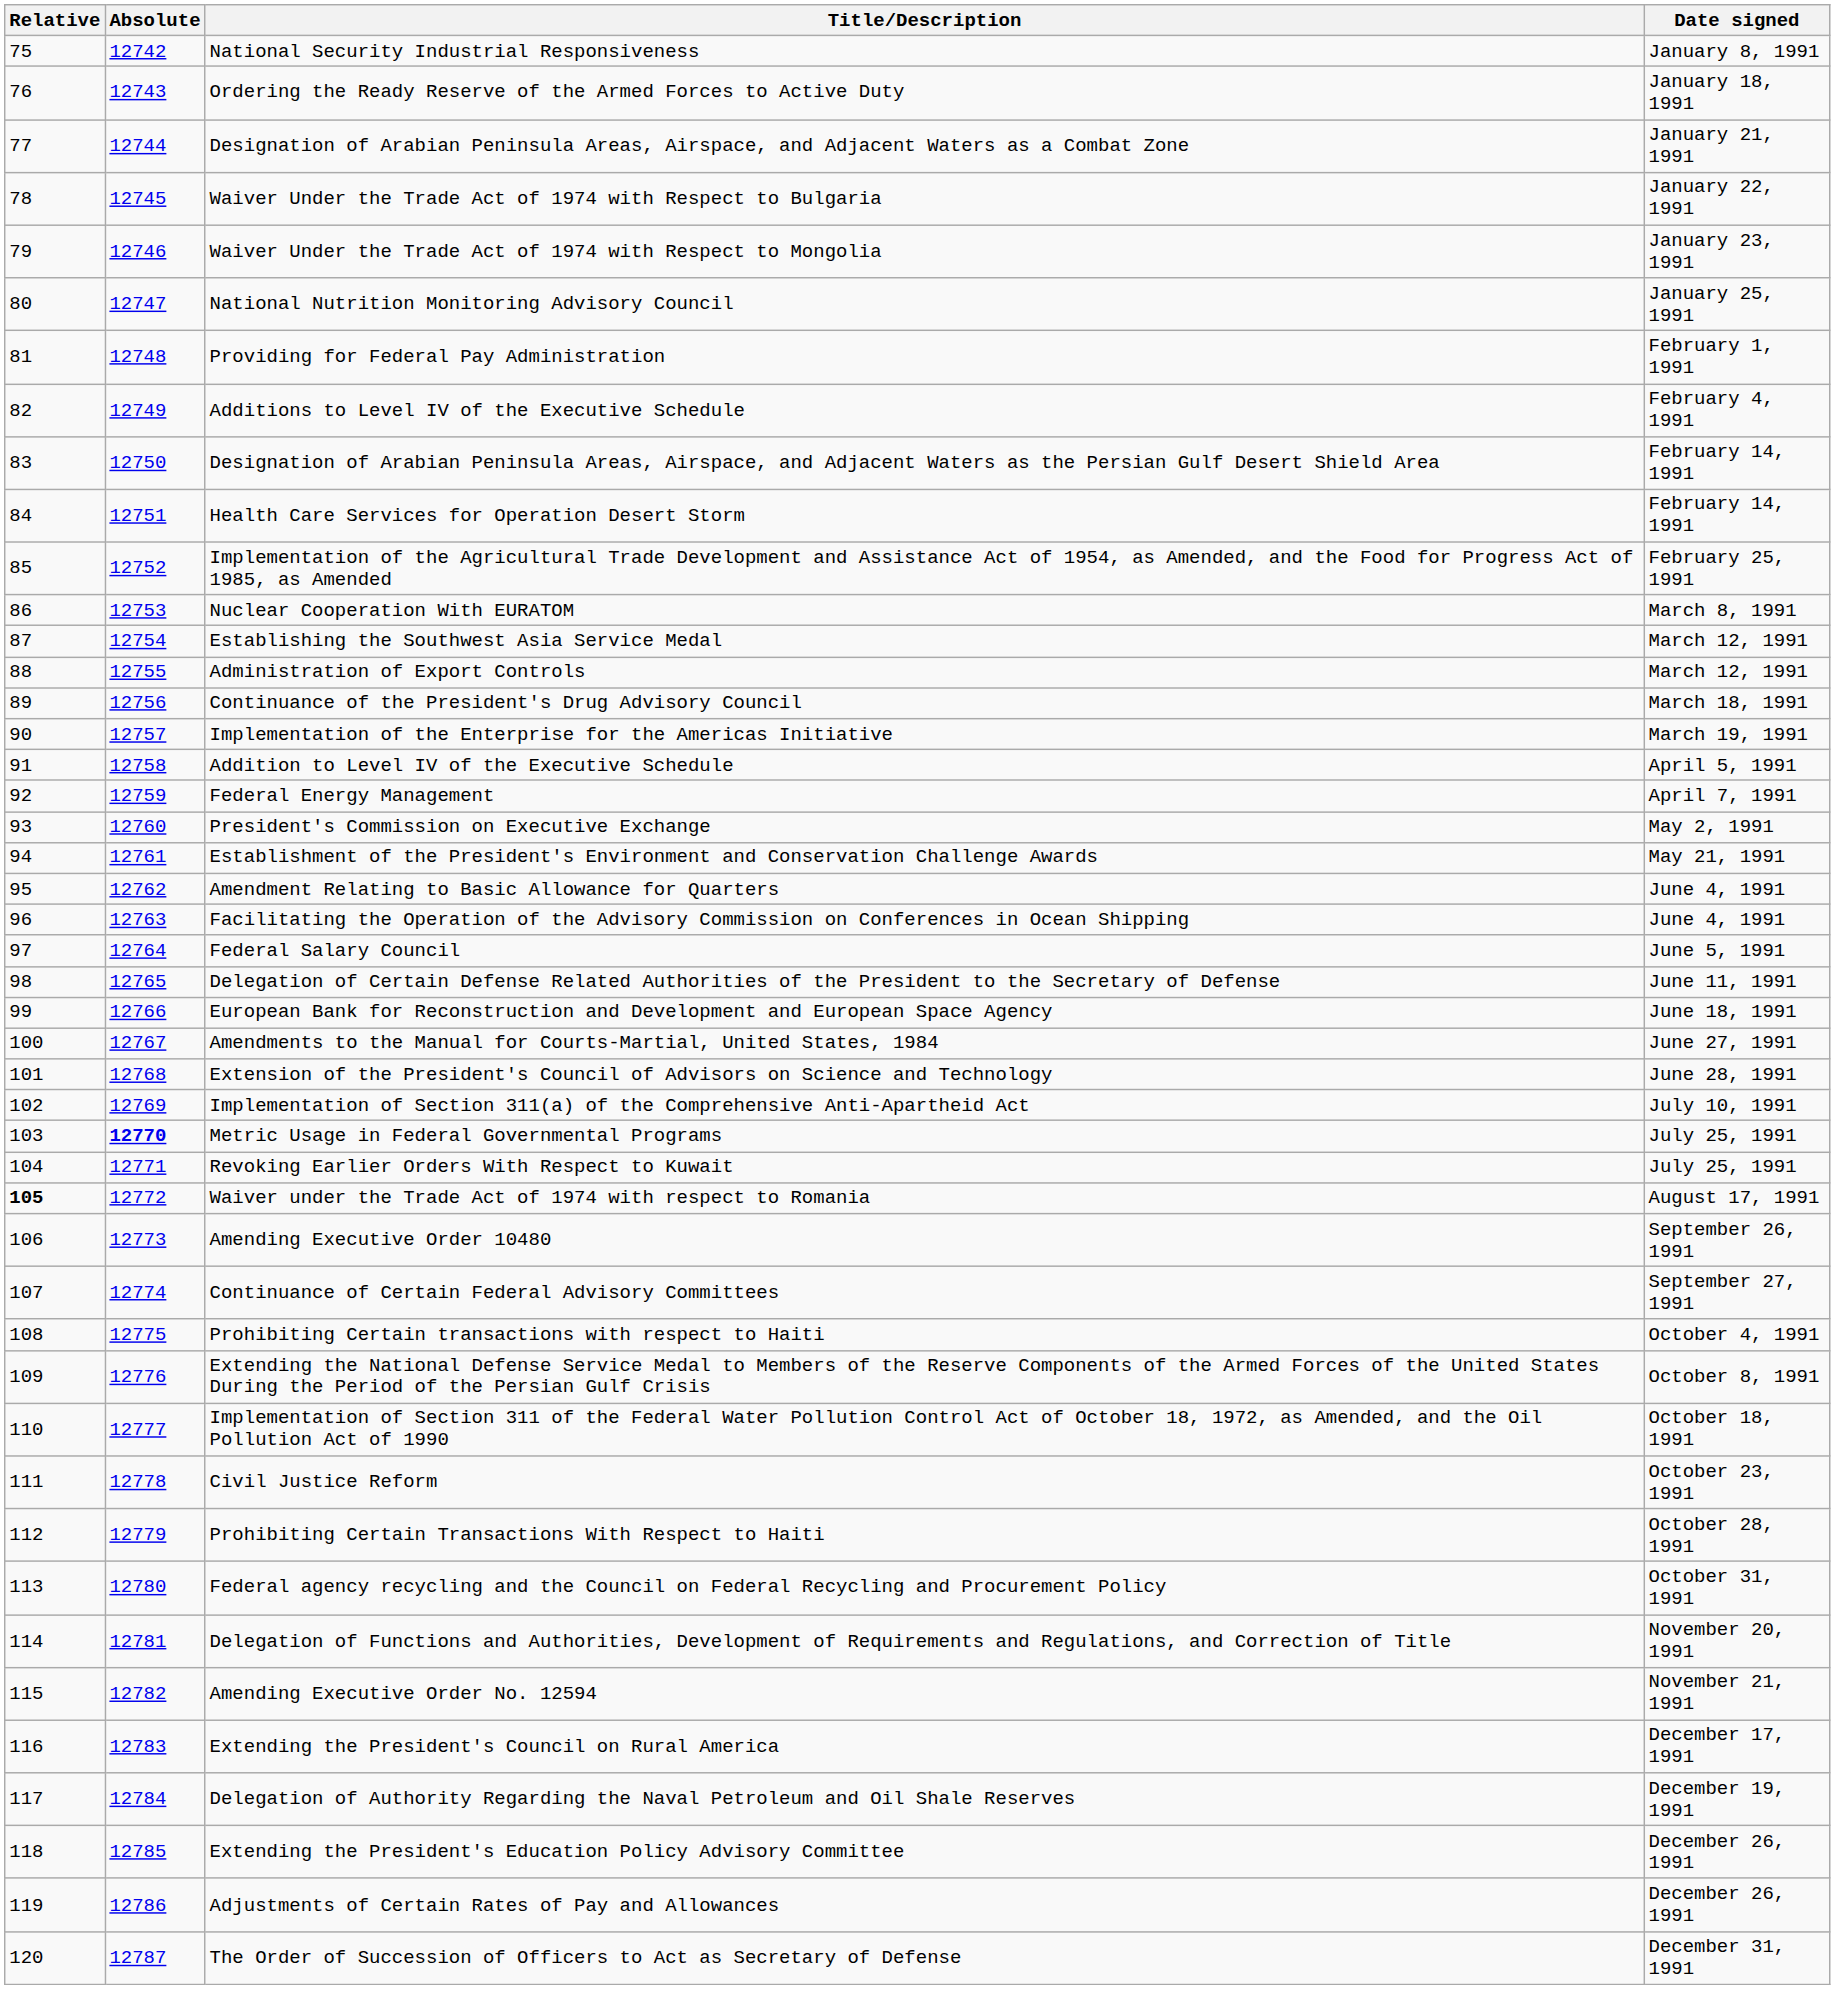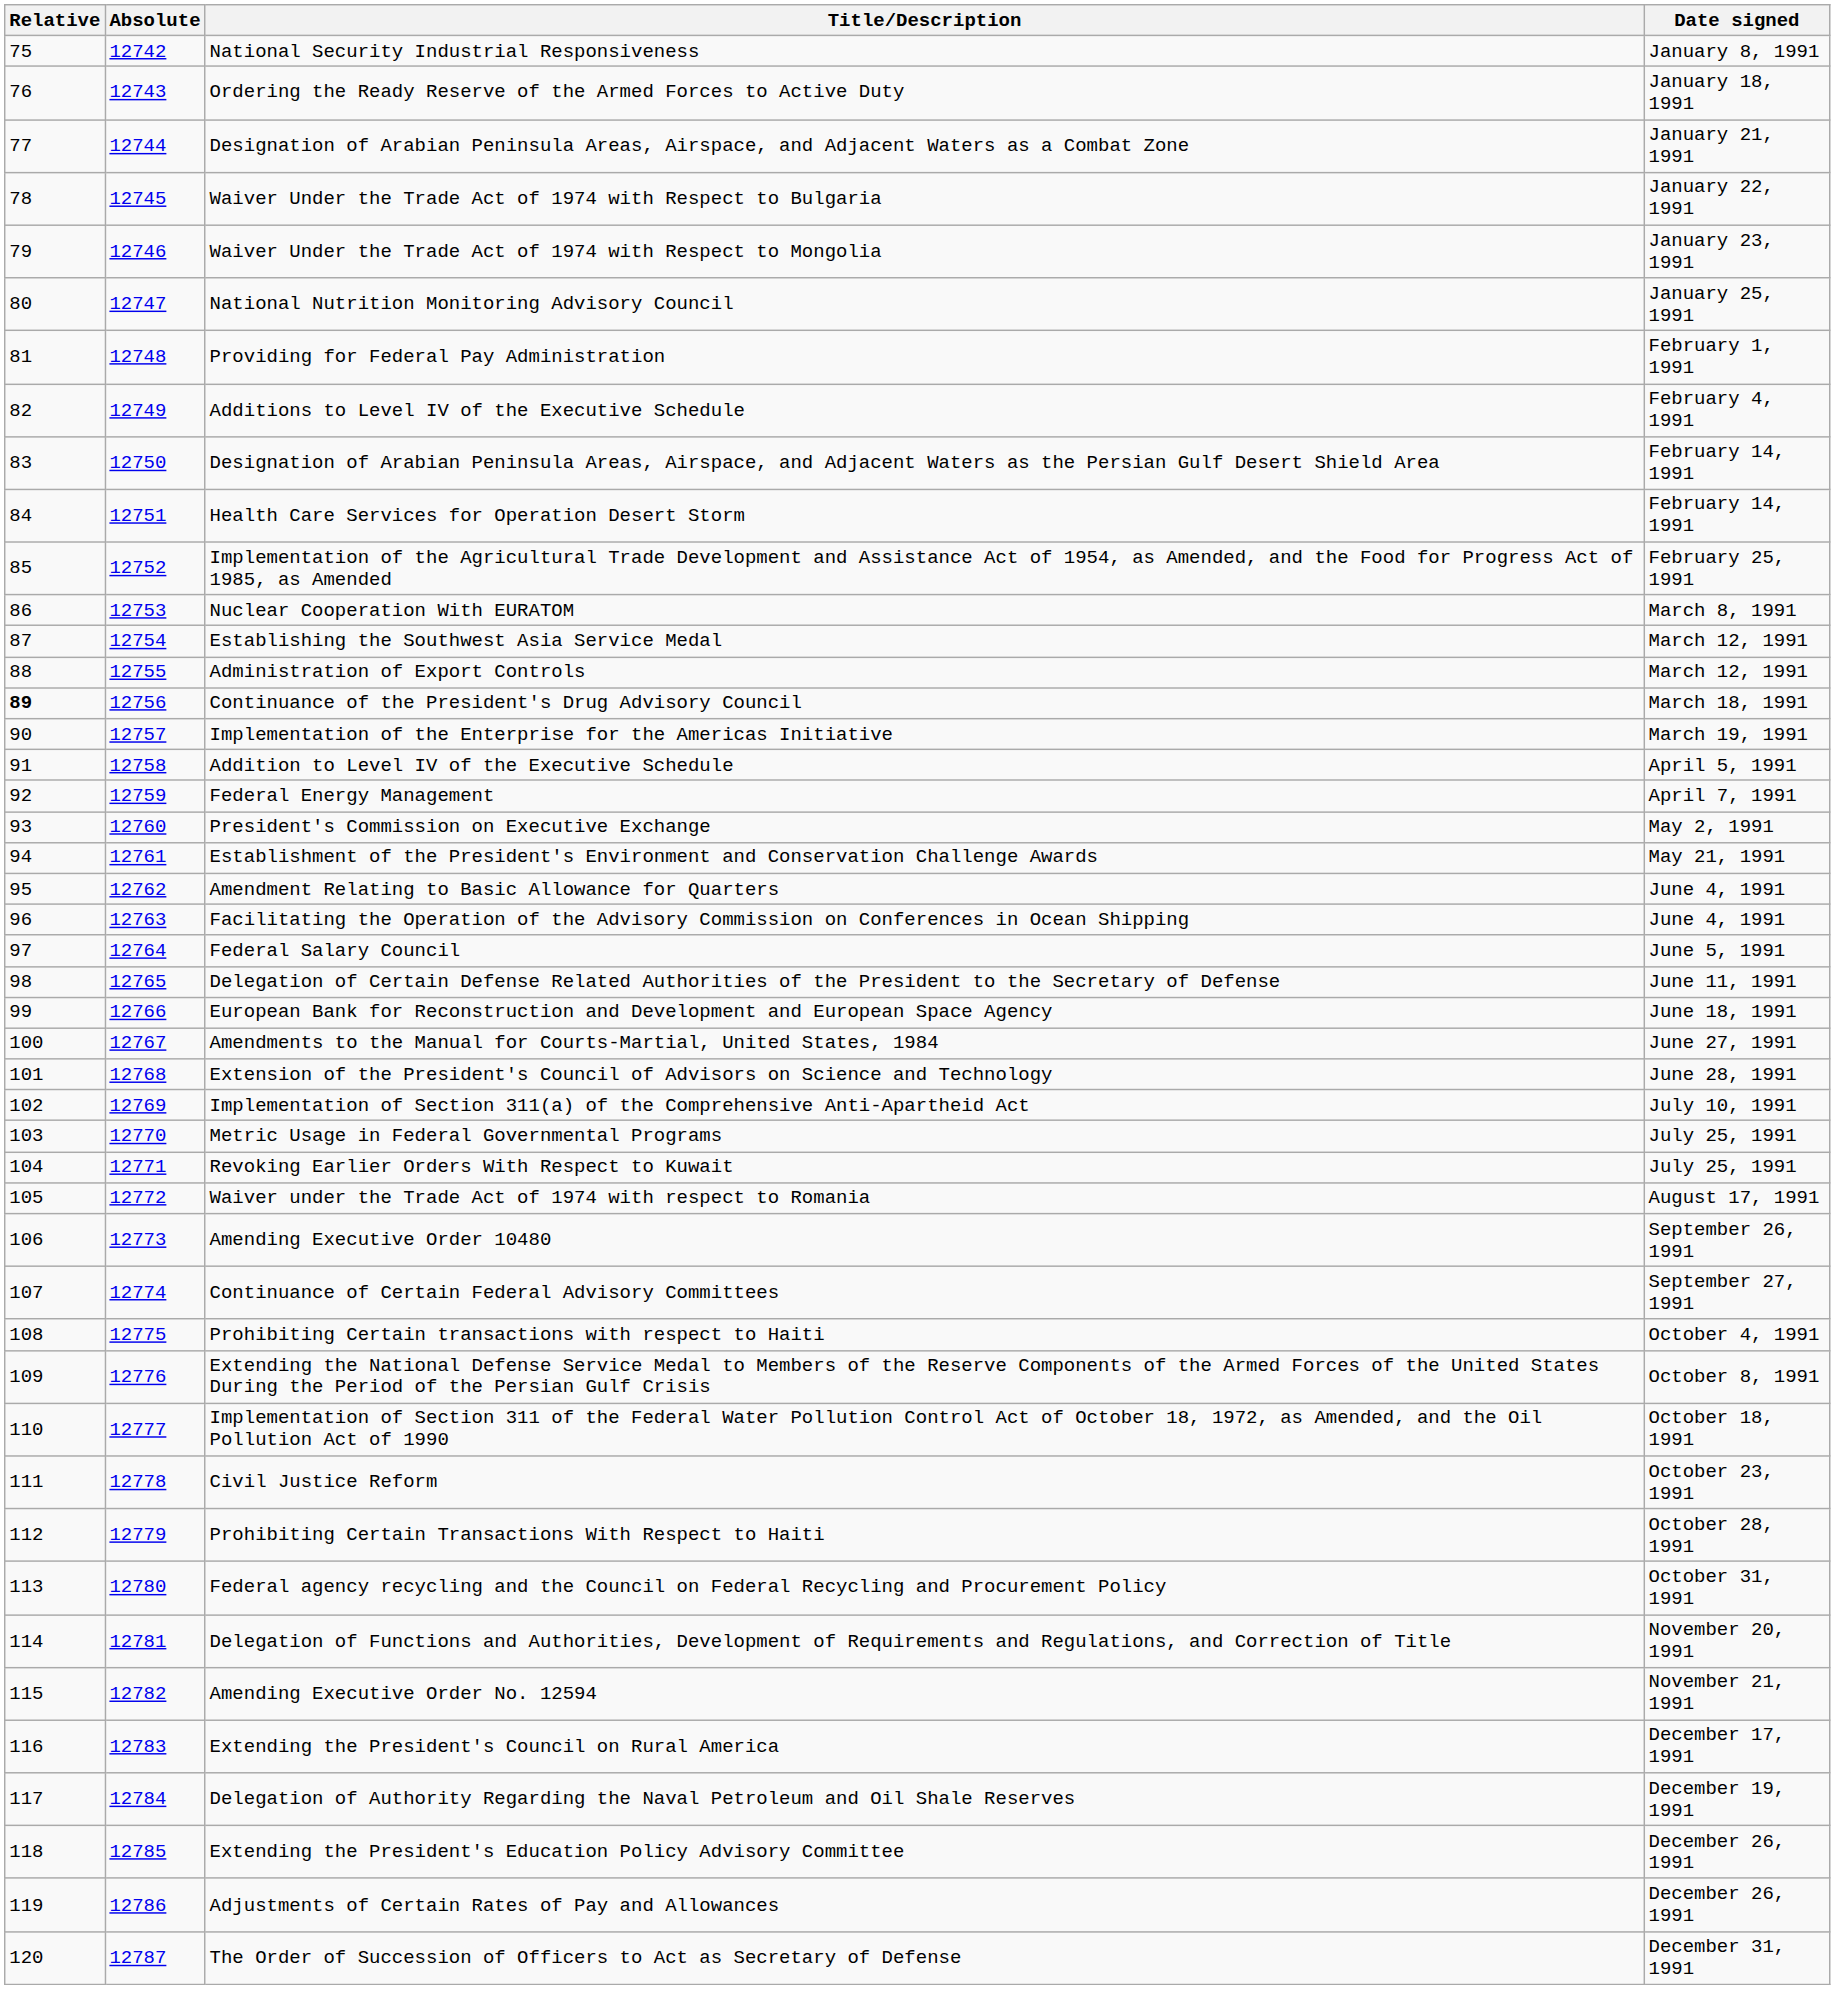 <table class="wikitable">
 <tr>
 <th>Relative </th>
 <th>Absolute </th>
 <th>Title/Description</th>
 <th>Date signed</th>
 </tr>
 <tr>
 <td>75</td>
 <td><a href='#'>12742</a></td>
 <td>National Security Industrial Responsiveness</td>
 <td>January 8, 1991</td>
 </tr>
 <tr>
 <td>76</td>
 <td><a href='#'>12743</a></td>
 <td>Ordering the Ready Reserve of the Armed Forces to Active Duty</td>
 <td>January 18, 1991</td>
 </tr>
 <tr>
 <td>77</td>
 <td><a href='#'>12744</a></td>
 <td>Designation of Arabian Peninsula Areas, Airspace, and Adjacent Waters as a Combat Zone</td>
 <td>January 21, 1991</td>
 </tr>
 <tr>
 <td>78</td>
 <td><a href='#'>12745</a></td>
 <td>Waiver Under the Trade Act of 1974 with Respect to Bulgaria</td>
 <td>January 22, 1991</td>
 </tr>
 <tr>
 <td>79</td>
 <td><a href='#'>12746</a></td>
 <td>Waiver Under the Trade Act of 1974 with Respect to Mongolia</td>
 <td>January 23, 1991</td>
 </tr>
 <tr>
 <td>80</td>
 <td><a href='#'>12747</a></td>
 <td>National Nutrition Monitoring Advisory Council</td>
 <td>January 25, 1991</td>
 </tr>
 <tr>
 <td>81</td>
 <td><a href='#'>12748</a></td>
 <td>Providing for Federal Pay Administration</td>
 <td>February 1, 1991</td>
 </tr>
 <tr>
 <td>82</td>
 <td><a href='#'>12749</a></td>
 <td>Additions to Level IV of the Executive Schedule</td>
 <td>February 4, 1991</td>
 </tr>
 <tr>
 <td>83</td>
 <td><a href='#'>12750</a></td>
 <td>Designation of Arabian Peninsula Areas, Airspace, and Adjacent Waters as the Persian Gulf Desert Shield Area</td>
 <td>February 14, 1991</td>
 </tr>
 <tr>
 <td>84</td>
 <td><a href='#'>12751</a></td>
 <td>Health Care Services for Operation Desert Storm</td>
 <td>February 14, 1991</td>
 </tr>
 <tr>
 <td>85</td>
 <td><a href='#'>12752</a></td>
 <td>Implementation of the Agricultural Trade Development and Assistance Act of 1954, as Amended, and the Food for Progress Act of 1985, as Amended</td>
 <td>February 25, 1991</td>
 </tr>
 <tr>
 <td>86</td>
 <td><a href='#'>12753</a></td>
 <td>Nuclear Cooperation With EURATOM</td>
 <td>March 8, 1991</td>
 </tr>
 <tr>
 <td>87</td>
 <td><a href='#'>12754</a></td>
 <td>Establishing the Southwest Asia Service Medal</td>
 <td>March 12, 1991</td>
 </tr>
 <tr>
 <td>88</td>
 <td><a href='#'>12755</a></td>
 <td>Administration of Export Controls</td>
 <td>March 12, 1991</td>
 </tr>
 <tr>
-<td>89</td>
+<td><strong>89</strong></td>
 <td><a href='#'>12756</a></td>
 <td>Continuance of the President's Drug Advisory Council</td>
 <td>March 18, 1991</td>
 </tr>
 <tr>
 <td>90</td>
 <td><a href='#'>12757</a></td>
 <td>Implementation of the Enterprise for the Americas Initiative</td>
 <td>March 19, 1991</td>
 </tr>
 <tr>
 <td>91</td>
 <td><a href='#'>12758</a></td>
 <td>Addition to Level IV of the Executive Schedule</td>
 <td>April 5, 1991</td>
 </tr>
 <tr>
 <td>92</td>
 <td><a href='#'>12759</a></td>
 <td>Federal Energy Management</td>
 <td>April 7, 1991</td>
 </tr>
 <tr>
 <td>93</td>
 <td><a href='#'>12760</a></td>
 <td>President's Commission on Executive Exchange</td>
 <td>May 2, 1991</td>
 </tr>
 <tr>
 <td>94</td>
 <td><a href='#'>12761</a></td>
 <td>Establishment of the President's Environment and Conservation Challenge Awards</td>
 <td>May 21, 1991</td>
 </tr>
 <tr>
 <td>95</td>
 <td><a href='#'>12762</a></td>
 <td>Amendment Relating to Basic Allowance for Quarters</td>
 <td>June 4, 1991</td>
 </tr>
 <tr>
 <td>96</td>
 <td><a href='#'>12763</a></td>
 <td>Facilitating the Operation of the Advisory Commission on Conferences in Ocean Shipping</td>
 <td>June 4, 1991</td>
 </tr>
 <tr>
 <td>97</td>
 <td><a href='#'>12764</a></td>
 <td>Federal Salary Council</td>
 <td>June 5, 1991</td>
 </tr>
 <tr>
 <td>98</td>
 <td><a href='#'>12765</a></td>
 <td>Delegation of Certain Defense Related Authorities of the President to the Secretary of Defense</td>
 <td>June 11, 1991</td>
 </tr>
 <tr>
 <td>99</td>
 <td><a href='#'>12766</a></td>
 <td>European Bank for Reconstruction and Development and European Space Agency</td>
 <td>June 18, 1991</td>
 </tr>
 <tr>
 <td>100</td>
 <td><a href='#'>12767</a></td>
 <td>Amendments to the Manual for Courts-Martial, United States, 1984</td>
 <td>June 27, 1991</td>
 </tr>
 <tr>
 <td>101</td>
 <td><a href='#'>12768</a></td>
 <td>Extension of the President's Council of Advisors on Science and Technology</td>
 <td>June 28, 1991</td>
 </tr>
 <tr>
 <td>102</td>
 <td><a href='#'>12769</a></td>
 <td>Implementation of Section 311(a) of the Comprehensive Anti-Apartheid Act</td>
 <td>July 10, 1991</td>
 </tr>
 <tr>
 <td>103</td>
-<td><strong><a href='#'>12770</a></strong></td>
+<td><a href='#'>12770</a></td>
 <td>Metric Usage in Federal Governmental Programs</td>
 <td>July 25, 1991</td>
 </tr>
 <tr>
 <td>104</td>
 <td><a href='#'>12771</a></td>
 <td>Revoking Earlier Orders With Respect to Kuwait</td>
 <td>July 25, 1991</td>
 </tr>
 <tr>
-<td><strong>105</strong></td>
+<td>105</td>
 <td><a href='#'>12772</a></td>
 <td>Waiver under the Trade Act of 1974 with respect to Romania</td>
 <td>August 17, 1991</td>
 </tr>
 <tr>
 <td>106</td>
 <td><a href='#'>12773</a></td>
 <td>Amending Executive Order 10480</td>
 <td>September 26, 1991</td>
 </tr>
 <tr>
 <td>107</td>
 <td><a href='#'>12774</a></td>
 <td>Continuance of Certain Federal Advisory Committees</td>
 <td>September 27, 1991</td>
 </tr>
 <tr>
 <td>108</td>
 <td><a href='#'>12775</a></td>
 <td>Prohibiting Certain transactions with respect to Haiti</td>
 <td>October 4, 1991</td>
 </tr>
 <tr>
 <td>109</td>
 <td><a href='#'>12776</a></td>
 <td>Extending the National Defense Service Medal to Members of the Reserve Components of the Armed Forces of the United States During the Period of the Persian Gulf Crisis</td>
 <td>October 8, 1991</td>
 </tr>
 <tr>
 <td>110</td>
 <td><a href='#'>12777</a></td>
 <td>Implementation of Section 311 of the Federal Water Pollution Control Act of October 18, 1972, as Amended, and the Oil Pollution Act of 1990</td>
 <td>October 18, 1991</td>
 </tr>
 <tr>
 <td>111</td>
 <td><a href='#'>12778</a></td>
 <td>Civil Justice Reform</td>
 <td>October 23, 1991</td>
 </tr>
 <tr>
 <td>112</td>
 <td><a href='#'>12779</a></td>
 <td>Prohibiting Certain Transactions With Respect to Haiti</td>
 <td>October 28, 1991</td>
 </tr>
 <tr>
 <td>113</td>
 <td><a href='#'>12780</a></td>
 <td>Federal agency recycling and the Council on Federal Recycling and Procurement Policy</td>
 <td>October 31, 1991</td>
 </tr>
 <tr>
 <td>114</td>
 <td><a href='#'>12781</a></td>
 <td>Delegation of Functions and Authorities, Development of Requirements and Regulations, and Correction of Title</td>
 <td>November 20, 1991</td>
 </tr>
 <tr>
 <td>115</td>
 <td><a href='#'>12782</a></td>
 <td>Amending Executive Order No. 12594</td>
 <td>November 21, 1991</td>
 </tr>
 <tr>
 <td>116</td>
 <td><a href='#'>12783</a></td>
 <td>Extending the President's Council on Rural America</td>
 <td>December 17, 1991</td>
 </tr>
 <tr>
 <td>117</td>
 <td><a href='#'>12784</a></td>
 <td>Delegation of Authority Regarding the Naval Petroleum and Oil Shale Reserves</td>
 <td>December 19, 1991</td>
 </tr>
 <tr>
 <td>118</td>
 <td><a href='#'>12785</a></td>
 <td>Extending the President's Education Policy Advisory Committee</td>
 <td>December 26, 1991</td>
 </tr>
 <tr>
 <td>119</td>
 <td><a href='#'>12786</a></td>
 <td>Adjustments of Certain Rates of Pay and Allowances</td>
 <td>December 26, 1991</td>
 </tr>
 <tr>
 <td>120</td>
 <td><a href='#'>12787</a></td>
 <td>The Order of Succession of Officers to Act as Secretary of Defense</td>
 <td>December 31, 1991</td>
 </tr>
 </table>
